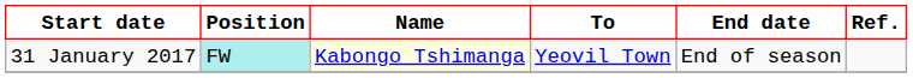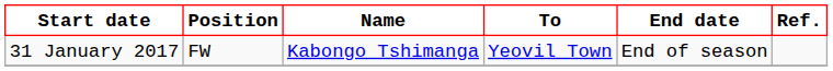 <table class="wikitable">
 <tr>
 <th style="background:#FFFFFF; color:black; border:1px solid red;">Start date</th>
 <th style="background:#FFFFFF; color:black; border:1px solid red;">Position</th>
 <th style="background:#FFFFFF; color:black; border:1px solid red;">Name</th>
 <th style="background:#FFFFFF; color:black; border:1px solid red;">To</th>
 <th style="background:#FFFFFF; color:black; border:1px solid red;">End date</th>
 <th style="background:#FFFFFF; color:black; border:1px solid red;">Ref.</th>
 </tr>
 <tr>
 <td>31 January 2017</td>
-<td style="background: paleturquoise;">FW</td>
-<td style="background: lightyellow;"> <a href='#'>Kabongo Tshimanga</a></td>
+<td>FW</td>
+<td> <a href='#'>Kabongo Tshimanga</a></td>
 <td><a href='#'>Yeovil Town</a></td>
 <td>End of season</td>
 <td></td>
 </tr>
 <tr>
 </tr>
 </table>
